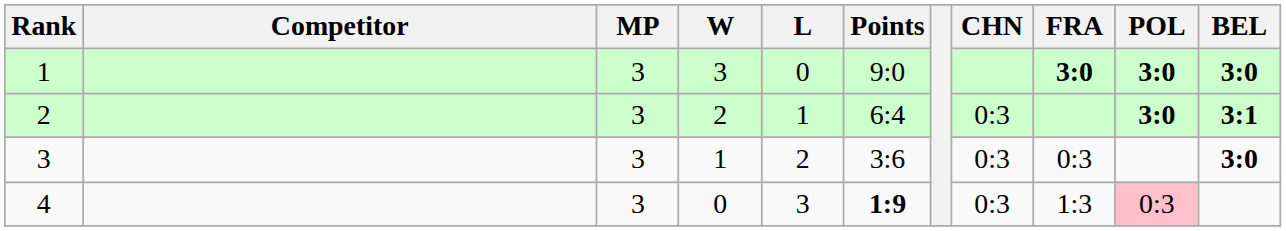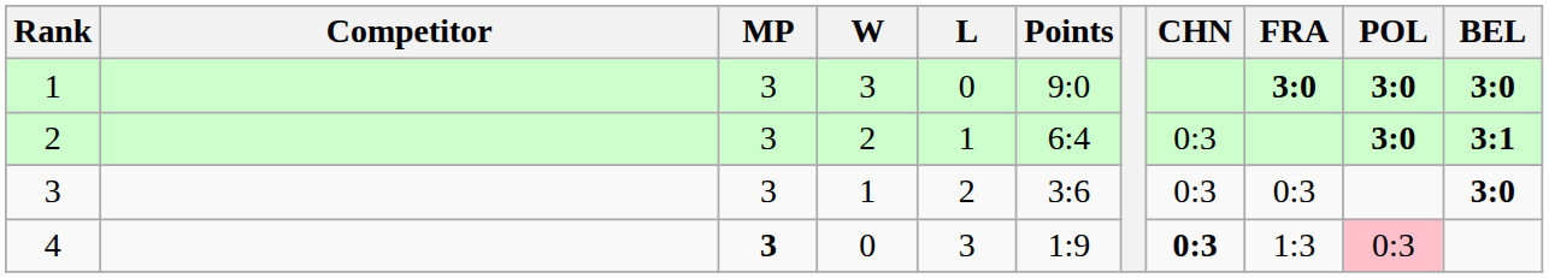 <table class="wikitable" style="text-align:center">
 <tr>
 <th>Rank</th>
 <th style="width:18em">Competitor</th>
 <th style="width:2.5em">MP</th>
 <th style="width:2.5em">W</th>
 <th style="width:2.5em">L</th>
 <th>Points</th>
 <th rowspan="5"> </th>
 <th style="width:2.5em">CHN</th>
 <th style="width:2.5em">FRA</th>
 <th style="width:2.5em">POL</th>
 <th style="width:2.5em">BEL</th>
 </tr>
 <tr style="background:#cfc;">
 <td>1</td>
 <td style="text-align:left"></td>
 <td>3</td>
 <td>3</td>
 <td>0</td>
 <td>9:0</td>
 <td></td>
 <td><strong>3:0</strong></td>
 <td><strong>3:0</strong></td>
 <td><strong>3:0</strong></td>
 </tr>
 <tr style="background:#cfc;">
 <td>2</td>
 <td style="text-align:left"></td>
 <td>3</td>
 <td>2</td>
 <td>1</td>
 <td>6:4</td>
 <td>0:3</td>
 <td></td>
 <td><strong>3:0</strong></td>
 <td><strong>3:1</strong></td>
 </tr>
 <tr>
 <td>3</td>
 <td style="text-align:left"></td>
 <td>3</td>
 <td>1</td>
 <td>2</td>
 <td>3:6</td>
 <td>0:3</td>
 <td>0:3</td>
 <td></td>
 <td><strong>3:0</strong></td>
 </tr>
 <tr>
 <td>4</td>
 <td style="text-align:left"></td>
-<td>3</td>
+<td><strong>3</strong></td>
 <td>0</td>
 <td>3</td>
-<td><strong>1:9</strong></td>
-<td>0:3</td>
+<td>1:9</td>
+<td><strong>0:3</strong></td>
 <td>1:3</td>
 <td style="background: pink;">0:3</td>
 <td></td>
 </tr>
 </table>
